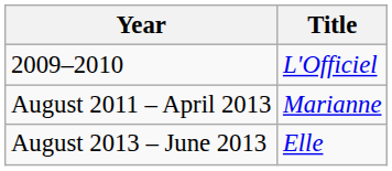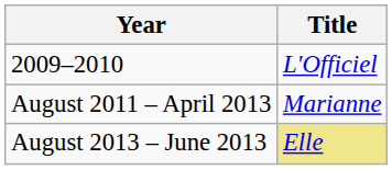 <table class="wikitable sortable">
 <tr>
 <th>Year</th>
 <th>Title</th>
 </tr>
 <tr>
 <td>2009–2010</td>
 <td><em><a href='#'>L'Officiel</a></em></td>
 </tr>
 <tr>
 <td>August 2011 – April 2013</td>
 <td><em><a href='#'>Marianne</a></em></td>
 </tr>
 <tr>
 <td>August 2013 – June 2013</td>
-<td><em><a href='#'>Elle</a></em></td>
+<td style="background: khaki;"><em><a href='#'>Elle</a></em></td>
 </tr>
 </table>
